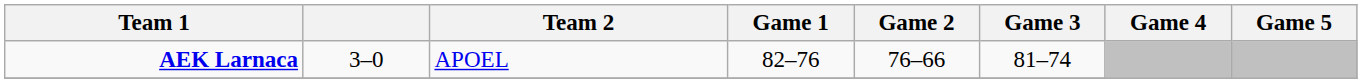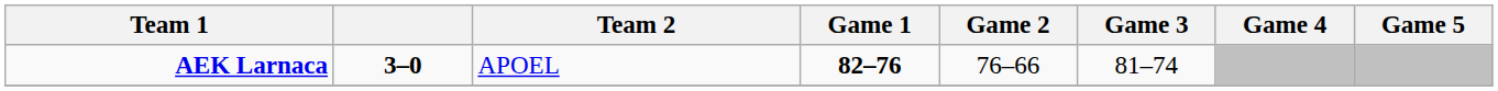 <table class=wikitable style="text-align:center">
 <tr>
 <th width=200>Team 1</th>
 <th width=80></th>
 <th width=200>Team 2</th>
 <th width=80>Game 1</th>
 <th width=80>Game 2</th>
 <th width=80>Game 3</th>
 <th width=80>Game 4</th>
 <th width=80>Game 5</th>
 </tr>
 <tr>
 <td align=right><strong><a href='#'>AEK Larnaca</a></strong></td>
-<td>3–0</td>
+<td><strong>3–0</strong></td>
 <td align=left><a href='#'>APOEL</a></td>
-<td>82–76</td>
+<td><strong>82–76</strong></td>
 <td>76–66</td>
 <td>81–74</td>
 <td bgcolor=#C0C0C0></td>
 <td bgcolor=#C0C0C0></td>
 </tr>
 <tr>
 </tr>
 </table>
